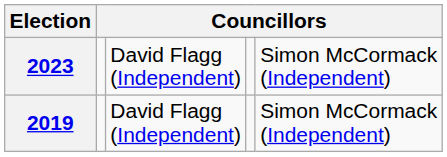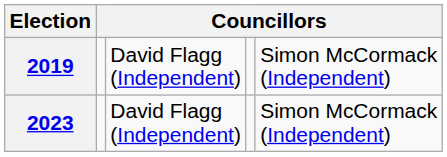 <table class="wikitable">
 <tr>
 <th>Election</th>
 <th colspan="4">Councillors</th>
+</tr>
+<tr>
+<th><a href='#'>2019</a></th>
+<td rowspan="1;" style="background-color: "></td>
+<td rowspan="1">David Flagg<br>(<a href='#'>Independent</a>)</td>
+<td rowspan="1;" style="background-color: "></td>
+<td rowspan="1">Simon McCormack<br>(<a href='#'>Independent</a>)</td>
 </tr>
 <tr>
 <th><a href='#'>2023</a></th>
 <td rowspan="1;" style="background-color: "></td>
 <td rowspan="1">David Flagg<br>(<a href='#'>Independent</a>)</td>
 <td rowspan="1;" style="background-color: "></td>
 <td rowspan="1">Simon McCormack<br>(<a href='#'>Independent</a>)</td>
 </tr>
-<tr>
-<th><a href='#'>2019</a></th>
-<td rowspan="1;" style="background-color: "></td>
-<td rowspan="1">David Flagg<br>(<a href='#'>Independent</a>)</td>
-<td rowspan="1;" style="background-color: "></td>
-<td rowspan="1">Simon McCormack<br>(<a href='#'>Independent</a>)</td>
-</tr>
 </table>
